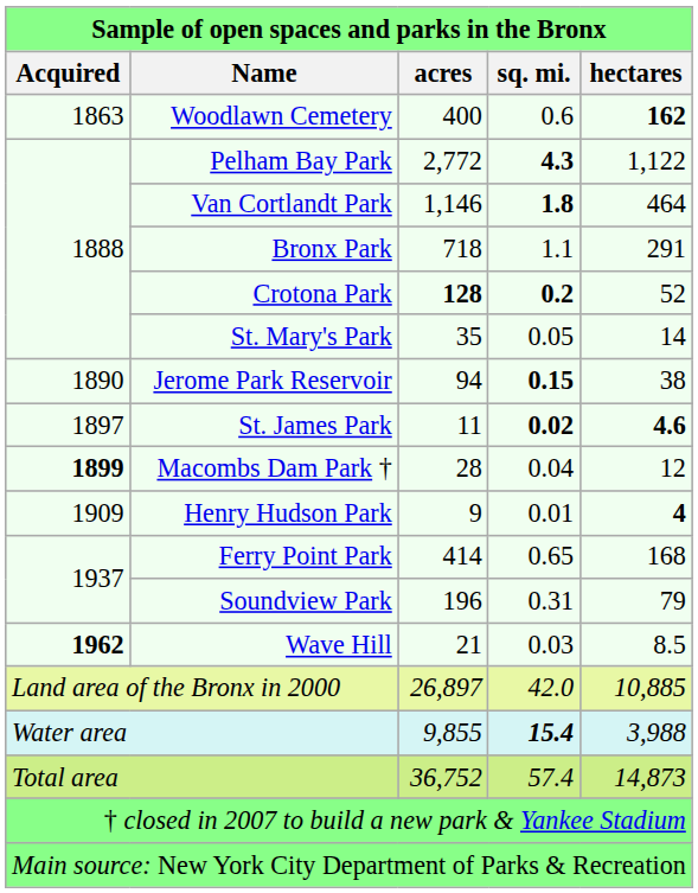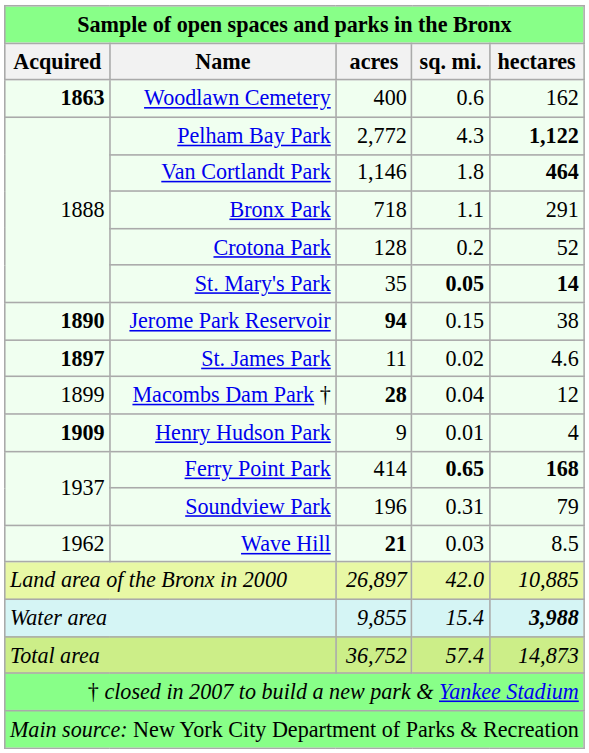 <table class="wikitable" style="float:right; clear:right; margin-left:1em; text-align:right; font-size:88%; width:auto; background:honeydew">
 <tr>
 <th colspan="6" style="background:#88ff88">Sample of open spaces and parks in the Bronx</th>
 </tr>
 <tr>
 <th>Acquired</th>
 <th>Name</th>
 <th>acres</th>
 <th>sq. mi.</th>
 <th>hectares</th>
 </tr>
 <tr>
-<td>1863</td>
+<td><strong>1863</strong></td>
 <td><a href='#'>Woodlawn Cemetery</a></td>
 <td>400</td>
 <td>0.6</td>
-<td><strong>162</strong></td>
+<td>162</td>
 </tr>
 <tr>
 <td rowspan="5">1888</td>
 <td><a href='#'>Pelham Bay Park</a></td>
 <td>2,772</td>
-<td><strong>4.3</strong></td>
-<td>1,122</td>
+<td>4.3</td>
+<td><strong>1,122</strong></td>
 </tr>
 <tr>
 <td><a href='#'>Van Cortlandt Park</a></td>
 <td>1,146</td>
-<td><strong>1.8</strong></td>
-<td>464</td>
+<td>1.8</td>
+<td><strong>464</strong></td>
 </tr>
 <tr>
 <td><a href='#'>Bronx Park</a></td>
 <td>718</td>
 <td>1.1</td>
 <td>291</td>
 </tr>
 <tr>
 <td><a href='#'>Crotona Park</a></td>
-<td><strong>128</strong></td>
-<td><strong>0.2</strong></td>
+<td>128</td>
+<td>0.2</td>
 <td>52</td>
 </tr>
 <tr>
 <td><a href='#'>St. Mary's Park</a></td>
 <td>35</td>
-<td>0.05</td>
-<td>14</td>
+<td><strong>0.05</strong></td>
+<td><strong>14</strong></td>
 </tr>
 <tr>
-<td>1890</td>
+<td><strong>1890</strong></td>
 <td><a href='#'>Jerome Park Reservoir</a></td>
-<td>94</td>
-<td><strong>0.15</strong></td>
+<td><strong>94</strong></td>
+<td>0.15</td>
 <td>38</td>
 </tr>
 <tr>
-<td>1897</td>
+<td><strong>1897</strong></td>
 <td><a href='#'>St. James Park</a></td>
 <td>11</td>
-<td><strong>0.02</strong></td>
-<td><strong>4.6</strong></td>
+<td>0.02</td>
+<td>4.6</td>
 </tr>
 <tr>
-<td><strong>1899</strong></td>
+<td>1899</td>
 <td><a href='#'>Macombs Dam Park</a> †</td>
-<td>28</td>
+<td><strong>28</strong></td>
 <td>0.04</td>
 <td>12</td>
 </tr>
 <tr>
-<td>1909</td>
+<td><strong>1909</strong></td>
 <td><a href='#'>Henry Hudson Park</a></td>
 <td>9</td>
 <td>0.01</td>
-<td><strong>4</strong></td>
+<td>4</td>
 </tr>
 <tr>
 <td rowspan="2">1937</td>
 <td><a href='#'>Ferry Point Park</a></td>
 <td>414</td>
-<td>0.65</td>
-<td>168</td>
+<td><strong>0.65</strong></td>
+<td><strong>168</strong></td>
 </tr>
 <tr>
 <td><a href='#'>Soundview Park</a></td>
 <td>196</td>
 <td>0.31</td>
 <td>79</td>
 </tr>
 <tr>
-<td><strong>1962</strong></td>
+<td>1962</td>
 <td><a href='#'>Wave Hill</a></td>
-<td>21</td>
+<td><strong>21</strong></td>
 <td>0.03</td>
 <td>8.5</td>
 </tr>
 <tr style="background:#e8f8a5;">
 <td style="text-align:left;" colspan="2"><em>Land area of the Bronx in 2000</em></td>
 <td><em>26,897</em></td>
 <td><em>42.0</em></td>
 <td><em>10,885</em></td>
 </tr>
 <tr style="background:#d5f5f5;">
 <td style="text-align:left;" colspan="2"><em>Water area</em></td>
 <td><em>9,855</em></td>
-<td><strong><em>15.4</em></strong></td>
-<td><em>3,988</em></td>
+<td><em>15.4</em></td>
+<td><strong><em>3,988</em></strong></td>
 </tr>
 <tr style="background:#ccee88;">
 <td style="text-align:left;" colspan="2"><em>Total area</em></td>
 <td><em>36,752</em></td>
 <td><em>57.4</em></td>
 <td><em>14,873</em></td>
 </tr>
 <tr>
 <td colspan="6" style="background:#88ff88;">† <em>closed in 2007 to build a new park & <a href='#'>Yankee Stadium</a></em></td>
 </tr>
 <tr>
 <td colspan="6" style="background:#88ff88;"><em>Main source:</em> New York City Department of Parks & Recreation</td>
 </tr>
 </table>
